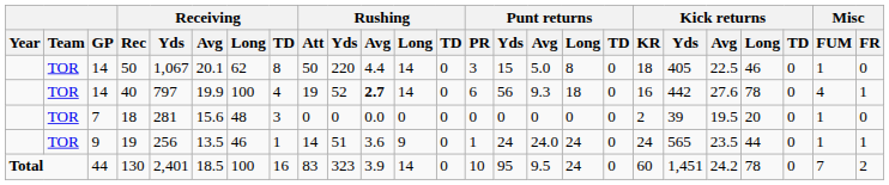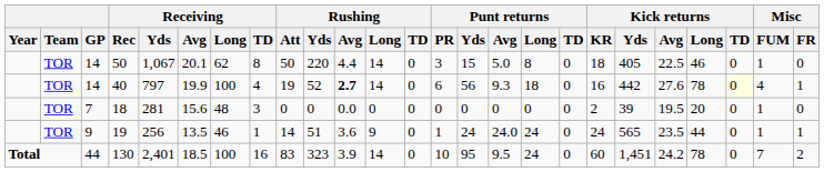 <table class="wikitable">
 <tr>
 <th colspan=3></th>
 <th colspan=5>Receiving</th>
 <th colspan=5>Rushing</th>
 <th colspan=5>Punt returns</th>
 <th colspan=5>Kick returns</th>
 <th colspan=3>Misc</th>
 </tr>
 <tr>
 <th>Year</th>
 <th>Team</th>
 <th>GP</th>
 <th>Rec</th>
 <th>Yds</th>
 <th>Avg</th>
 <th>Long</th>
 <th>TD</th>
 <th>Att</th>
 <th>Yds</th>
 <th>Avg</th>
 <th>Long</th>
 <th>TD</th>
 <th>PR</th>
 <th>Yds</th>
 <th>Avg</th>
 <th>Long</th>
 <th>TD</th>
 <th>KR</th>
 <th>Yds</th>
 <th>Avg</th>
 <th>Long</th>
 <th>TD</th>
 <th>FUM</th>
 <th>FR</th>
 </tr>
 <tr>
 <td></td>
 <td><a href='#'>TOR</a></td>
 <td>14</td>
 <td>50</td>
 <td>1,067</td>
 <td>20.1</td>
 <td>62</td>
 <td>8</td>
 <td>50</td>
 <td>220</td>
 <td>4.4</td>
 <td>14</td>
 <td>0</td>
 <td>3</td>
 <td>15</td>
 <td>5.0</td>
 <td>8</td>
 <td>0</td>
 <td>18</td>
 <td>405</td>
 <td>22.5</td>
 <td>46</td>
 <td>0</td>
 <td>1</td>
 <td>0</td>
 </tr>
 <tr>
 <td></td>
 <td><a href='#'>TOR</a></td>
 <td>14</td>
 <td>40</td>
 <td>797</td>
 <td>19.9</td>
 <td>100</td>
 <td>4</td>
 <td>19</td>
 <td>52</td>
 <td><strong>2.7</strong></td>
 <td>14</td>
 <td>0</td>
 <td>6</td>
 <td>56</td>
 <td>9.3</td>
 <td>18</td>
 <td>0</td>
 <td>16</td>
 <td>442</td>
 <td>27.6</td>
 <td>78</td>
-<td>0</td>
+<td style="background: lightyellow;">0</td>
 <td>4</td>
 <td>1</td>
 </tr>
 <tr>
 <td></td>
 <td><a href='#'>TOR</a></td>
 <td>7</td>
 <td>18</td>
 <td>281</td>
 <td>15.6</td>
 <td>48</td>
 <td>3</td>
 <td>0</td>
 <td>0</td>
 <td>0.0</td>
 <td>0</td>
 <td>0</td>
 <td>0</td>
 <td>0</td>
 <td>0</td>
 <td>0</td>
 <td>0</td>
 <td>2</td>
 <td>39</td>
 <td>19.5</td>
 <td>20</td>
 <td>0</td>
 <td>1</td>
 <td>0</td>
 </tr>
 <tr>
 <td></td>
 <td><a href='#'>TOR</a></td>
 <td>9</td>
 <td>19</td>
 <td>256</td>
 <td>13.5</td>
 <td>46</td>
 <td>1</td>
 <td>14</td>
 <td>51</td>
 <td>3.6</td>
 <td>9</td>
 <td>0</td>
 <td>1</td>
 <td>24</td>
 <td>24.0</td>
 <td>24</td>
 <td>0</td>
 <td>24</td>
 <td>565</td>
 <td>23.5</td>
 <td>44</td>
 <td>0</td>
 <td>1</td>
 <td>1</td>
 </tr>
 <tr>
 <td colspan=2><strong>Total</strong></td>
 <td>44</td>
 <td>130</td>
 <td>2,401</td>
 <td>18.5</td>
 <td>100</td>
 <td>16</td>
 <td>83</td>
 <td>323</td>
 <td>3.9</td>
 <td>14</td>
 <td>0</td>
 <td>10</td>
 <td>95</td>
 <td>9.5</td>
 <td>24</td>
 <td>0</td>
 <td>60</td>
 <td>1,451</td>
 <td>24.2</td>
 <td>78</td>
 <td>0</td>
 <td>7</td>
 <td>2</td>
 </tr>
 </table>
